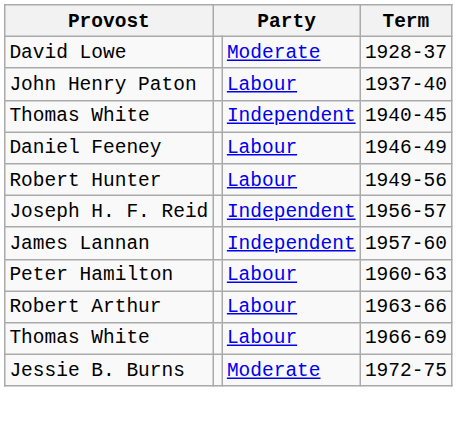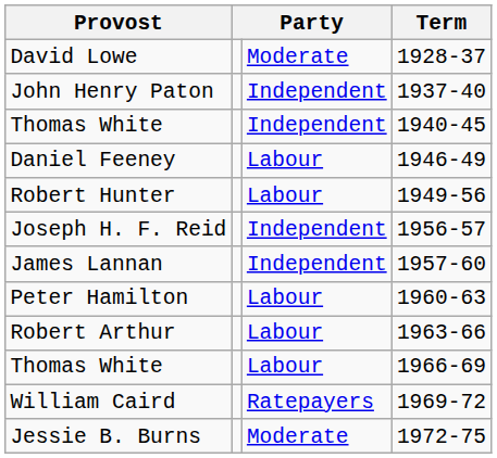 <table class="wikitable">
 <tr>
 <th>Provost</th>
 <th colspan="2">Party</th>
 <th>Term</th>
 </tr>
 <tr>
 <td>David Lowe</td>
 <td style="background-color: "></td>
 <td><a href='#'>Moderate</a></td>
 <td>1928-37</td>
 </tr>
 <tr>
 <td>John Henry Paton</td>
 <td style="background-color: "></td>
-<td><a href='#'>Labour</a></td>
+<td><a href='#'>Independent</a></td>
 <td>1937-40</td>
 </tr>
 <tr>
 <td>Thomas White</td>
 <td style="background-color: "></td>
 <td><a href='#'>Independent</a></td>
 <td>1940-45</td>
 </tr>
 <tr>
 <td>Daniel Feeney</td>
 <td style="background-color: "></td>
 <td><a href='#'>Labour</a></td>
 <td>1946-49</td>
 </tr>
 <tr>
 <td>Robert Hunter</td>
 <td style="background-color: "></td>
 <td><a href='#'>Labour</a></td>
 <td>1949-56</td>
 </tr>
 <tr>
 <td>Joseph H. F. Reid</td>
 <td style="background-color: "></td>
 <td><a href='#'>Independent</a></td>
 <td>1956-57</td>
 </tr>
 <tr>
 <td>James Lannan</td>
 <td style="background-color: "></td>
 <td><a href='#'>Independent</a></td>
 <td>1957-60</td>
 </tr>
 <tr>
 <td>Peter Hamilton</td>
 <td style="background-color: "></td>
 <td><a href='#'>Labour</a></td>
 <td>1960-63</td>
 </tr>
 <tr>
 <td>Robert Arthur</td>
 <td style="background-color: "></td>
 <td><a href='#'>Labour</a></td>
 <td>1963-66</td>
 </tr>
 <tr>
 <td>Thomas White</td>
 <td style="background-color: "></td>
 <td><a href='#'>Labour</a></td>
 <td>1966-69</td>
 </tr>
 <tr>
+<td>William Caird</td>
+<td style="background-color: "></td>
+<td><a href='#'>Ratepayers</a></td>
+<td>1969-72</td>
+</tr>
+<tr>
 <td>Jessie B. Burns</td>
 <td style="background-color: "></td>
 <td><a href='#'>Moderate</a></td>
 <td>1972-75</td>
 </tr>
 </table>
